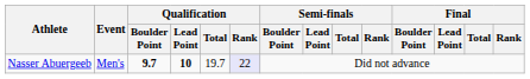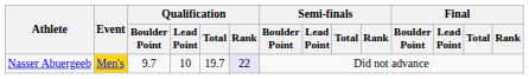 <table class=wikitable style="font-size:90%; text-align:center;">
 <tr>
 <th rowspan="2">Athlete</th>
 <th rowspan="2">Event</th>
 <th colspan=4>Qualification</th>
 <th colspan=4>Semi-finals</th>
 <th colspan=4>Final</th>
 </tr>
 <tr style="font-size:95%">
 <th>Boulder<br>Point</th>
 <th>Lead<br>Point</th>
 <th>Total</th>
 <th>Rank</th>
 <th>Boulder<br>Point</th>
 <th>Lead<br>Point</th>
 <th>Total</th>
 <th>Rank</th>
 <th>Boulder<br>Point</th>
 <th>Lead<br>Point</th>
 <th>Total</th>
 <th>Rank</th>
 </tr>
 <tr>
 <td align=left><a href='#'>Nasser Abuergeeb</a></td>
-<td align=left><a href='#'>Men's</a></td>
-<td><strong>9.7</strong></td>
-<td><strong>10</strong></td>
+<td align=left style="background: gold;"><a href='#'>Men's</a></td>
+<td>9.7</td>
+<td>10</td>
 <td>19.7</td>
 <td style="background: lavender;">22</td>
 <td colspan=8>Did not advance</td>
 </tr>
 </table>
